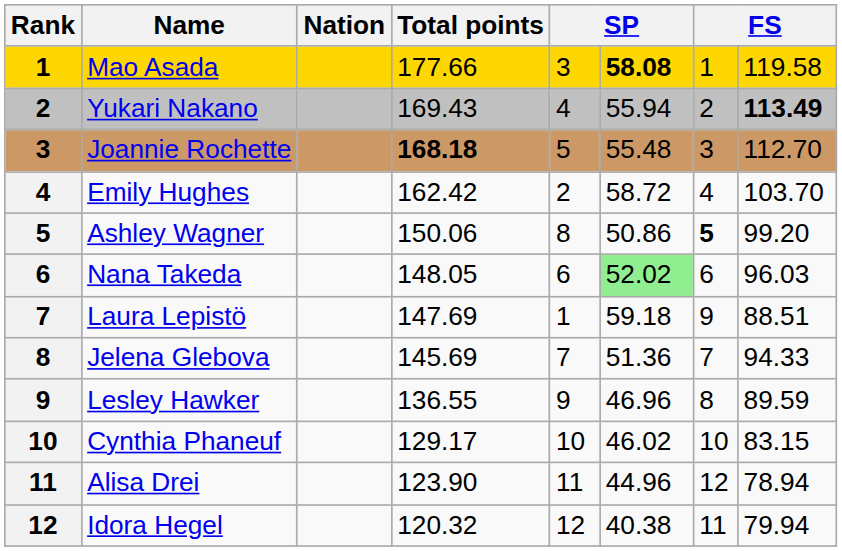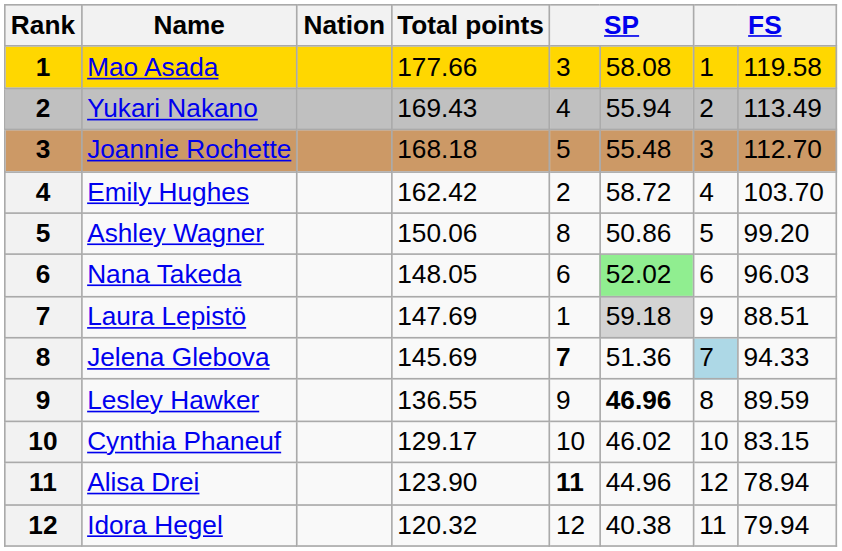 <table class="wikitable">
 <tr>
 <th>Rank</th>
 <th>Name</th>
 <th>Nation</th>
 <th>Total points</th>
 <th colspan="2" width="80px"><a href='#'>SP</a></th>
 <th colspan="2" width="80px"><a href='#'>FS</a></th>
 </tr>
 <tr bgcolor="gold">
 <td align="center"><strong>1</strong></td>
 <td><a href='#'>Mao Asada</a></td>
 <td></td>
 <td>177.66</td>
 <td>3</td>
-<td><strong>58.08</strong></td>
+<td>58.08</td>
 <td>1</td>
 <td>119.58</td>
 </tr>
 <tr bgcolor="silver">
 <td align="center"><strong>2</strong></td>
 <td><a href='#'>Yukari Nakano</a></td>
 <td></td>
 <td>169.43</td>
 <td>4</td>
 <td>55.94</td>
 <td>2</td>
-<td><strong>113.49</strong></td>
+<td>113.49</td>
 </tr>
 <tr bgcolor="cc9966">
 <td align="center"><strong>3</strong></td>
 <td><a href='#'>Joannie Rochette</a></td>
 <td></td>
-<td><strong>168.18</strong></td>
+<td>168.18</td>
 <td>5</td>
 <td>55.48</td>
 <td>3</td>
 <td>112.70</td>
 </tr>
 <tr>
 <th>4</th>
 <td><a href='#'>Emily Hughes</a></td>
 <td></td>
 <td>162.42</td>
 <td>2</td>
 <td>58.72</td>
 <td>4</td>
 <td>103.70</td>
 </tr>
 <tr>
 <th>5</th>
 <td><a href='#'>Ashley Wagner</a></td>
 <td></td>
 <td>150.06</td>
 <td>8</td>
 <td>50.86</td>
-<td><strong>5</strong></td>
+<td>5</td>
 <td>99.20</td>
 </tr>
 <tr>
 <th>6</th>
 <td><a href='#'>Nana Takeda</a></td>
 <td></td>
 <td>148.05</td>
 <td>6</td>
 <td style="background: lightgreen;">52.02</td>
 <td>6</td>
 <td>96.03</td>
 </tr>
 <tr>
 <th>7</th>
 <td><a href='#'>Laura Lepistö</a></td>
 <td></td>
 <td>147.69</td>
 <td>1</td>
-<td>59.18</td>
+<td style="background: lightgrey;">59.18</td>
 <td>9</td>
 <td>88.51</td>
 </tr>
 <tr>
 <th>8</th>
 <td><a href='#'>Jelena Glebova</a></td>
 <td></td>
 <td>145.69</td>
-<td>7</td>
+<td><strong>7</strong></td>
 <td>51.36</td>
-<td>7</td>
+<td style="background: lightblue;">7</td>
 <td>94.33</td>
 </tr>
 <tr>
 <th>9</th>
 <td><a href='#'>Lesley Hawker</a></td>
 <td></td>
 <td>136.55</td>
 <td>9</td>
-<td>46.96</td>
+<td><strong>46.96</strong></td>
 <td>8</td>
 <td>89.59</td>
 </tr>
 <tr>
 <th>10</th>
 <td><a href='#'>Cynthia Phaneuf</a></td>
 <td></td>
 <td>129.17</td>
 <td>10</td>
 <td>46.02</td>
 <td>10</td>
 <td>83.15</td>
 </tr>
 <tr>
 <th>11</th>
 <td><a href='#'>Alisa Drei</a></td>
 <td></td>
 <td>123.90</td>
-<td>11</td>
+<td><strong>11</strong></td>
 <td>44.96</td>
 <td>12</td>
 <td>78.94</td>
 </tr>
 <tr>
 <th>12</th>
 <td><a href='#'>Idora Hegel</a></td>
 <td></td>
 <td>120.32</td>
 <td>12</td>
 <td>40.38</td>
 <td>11</td>
 <td>79.94</td>
 </tr>
 </table>
